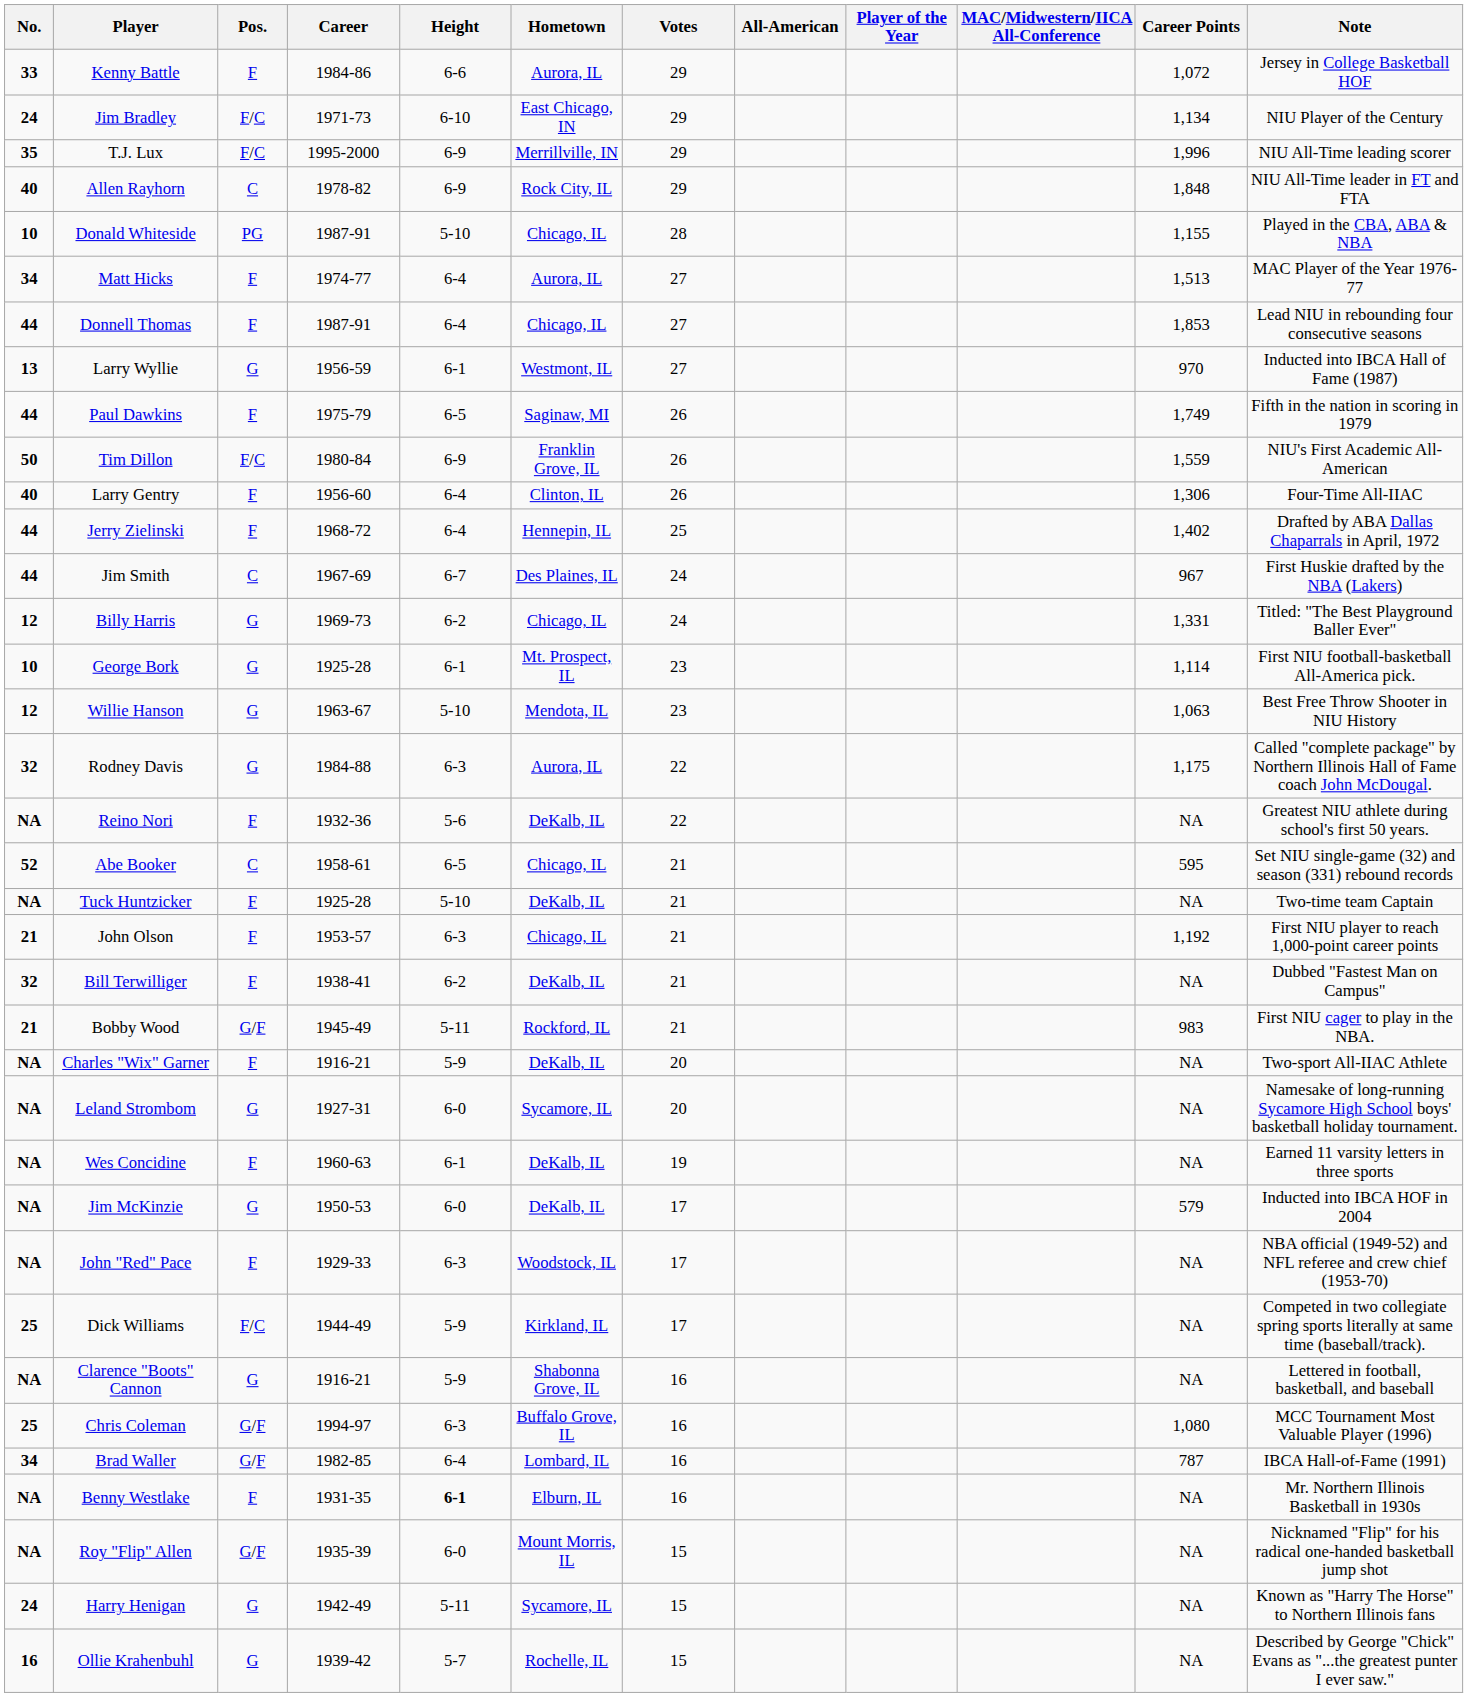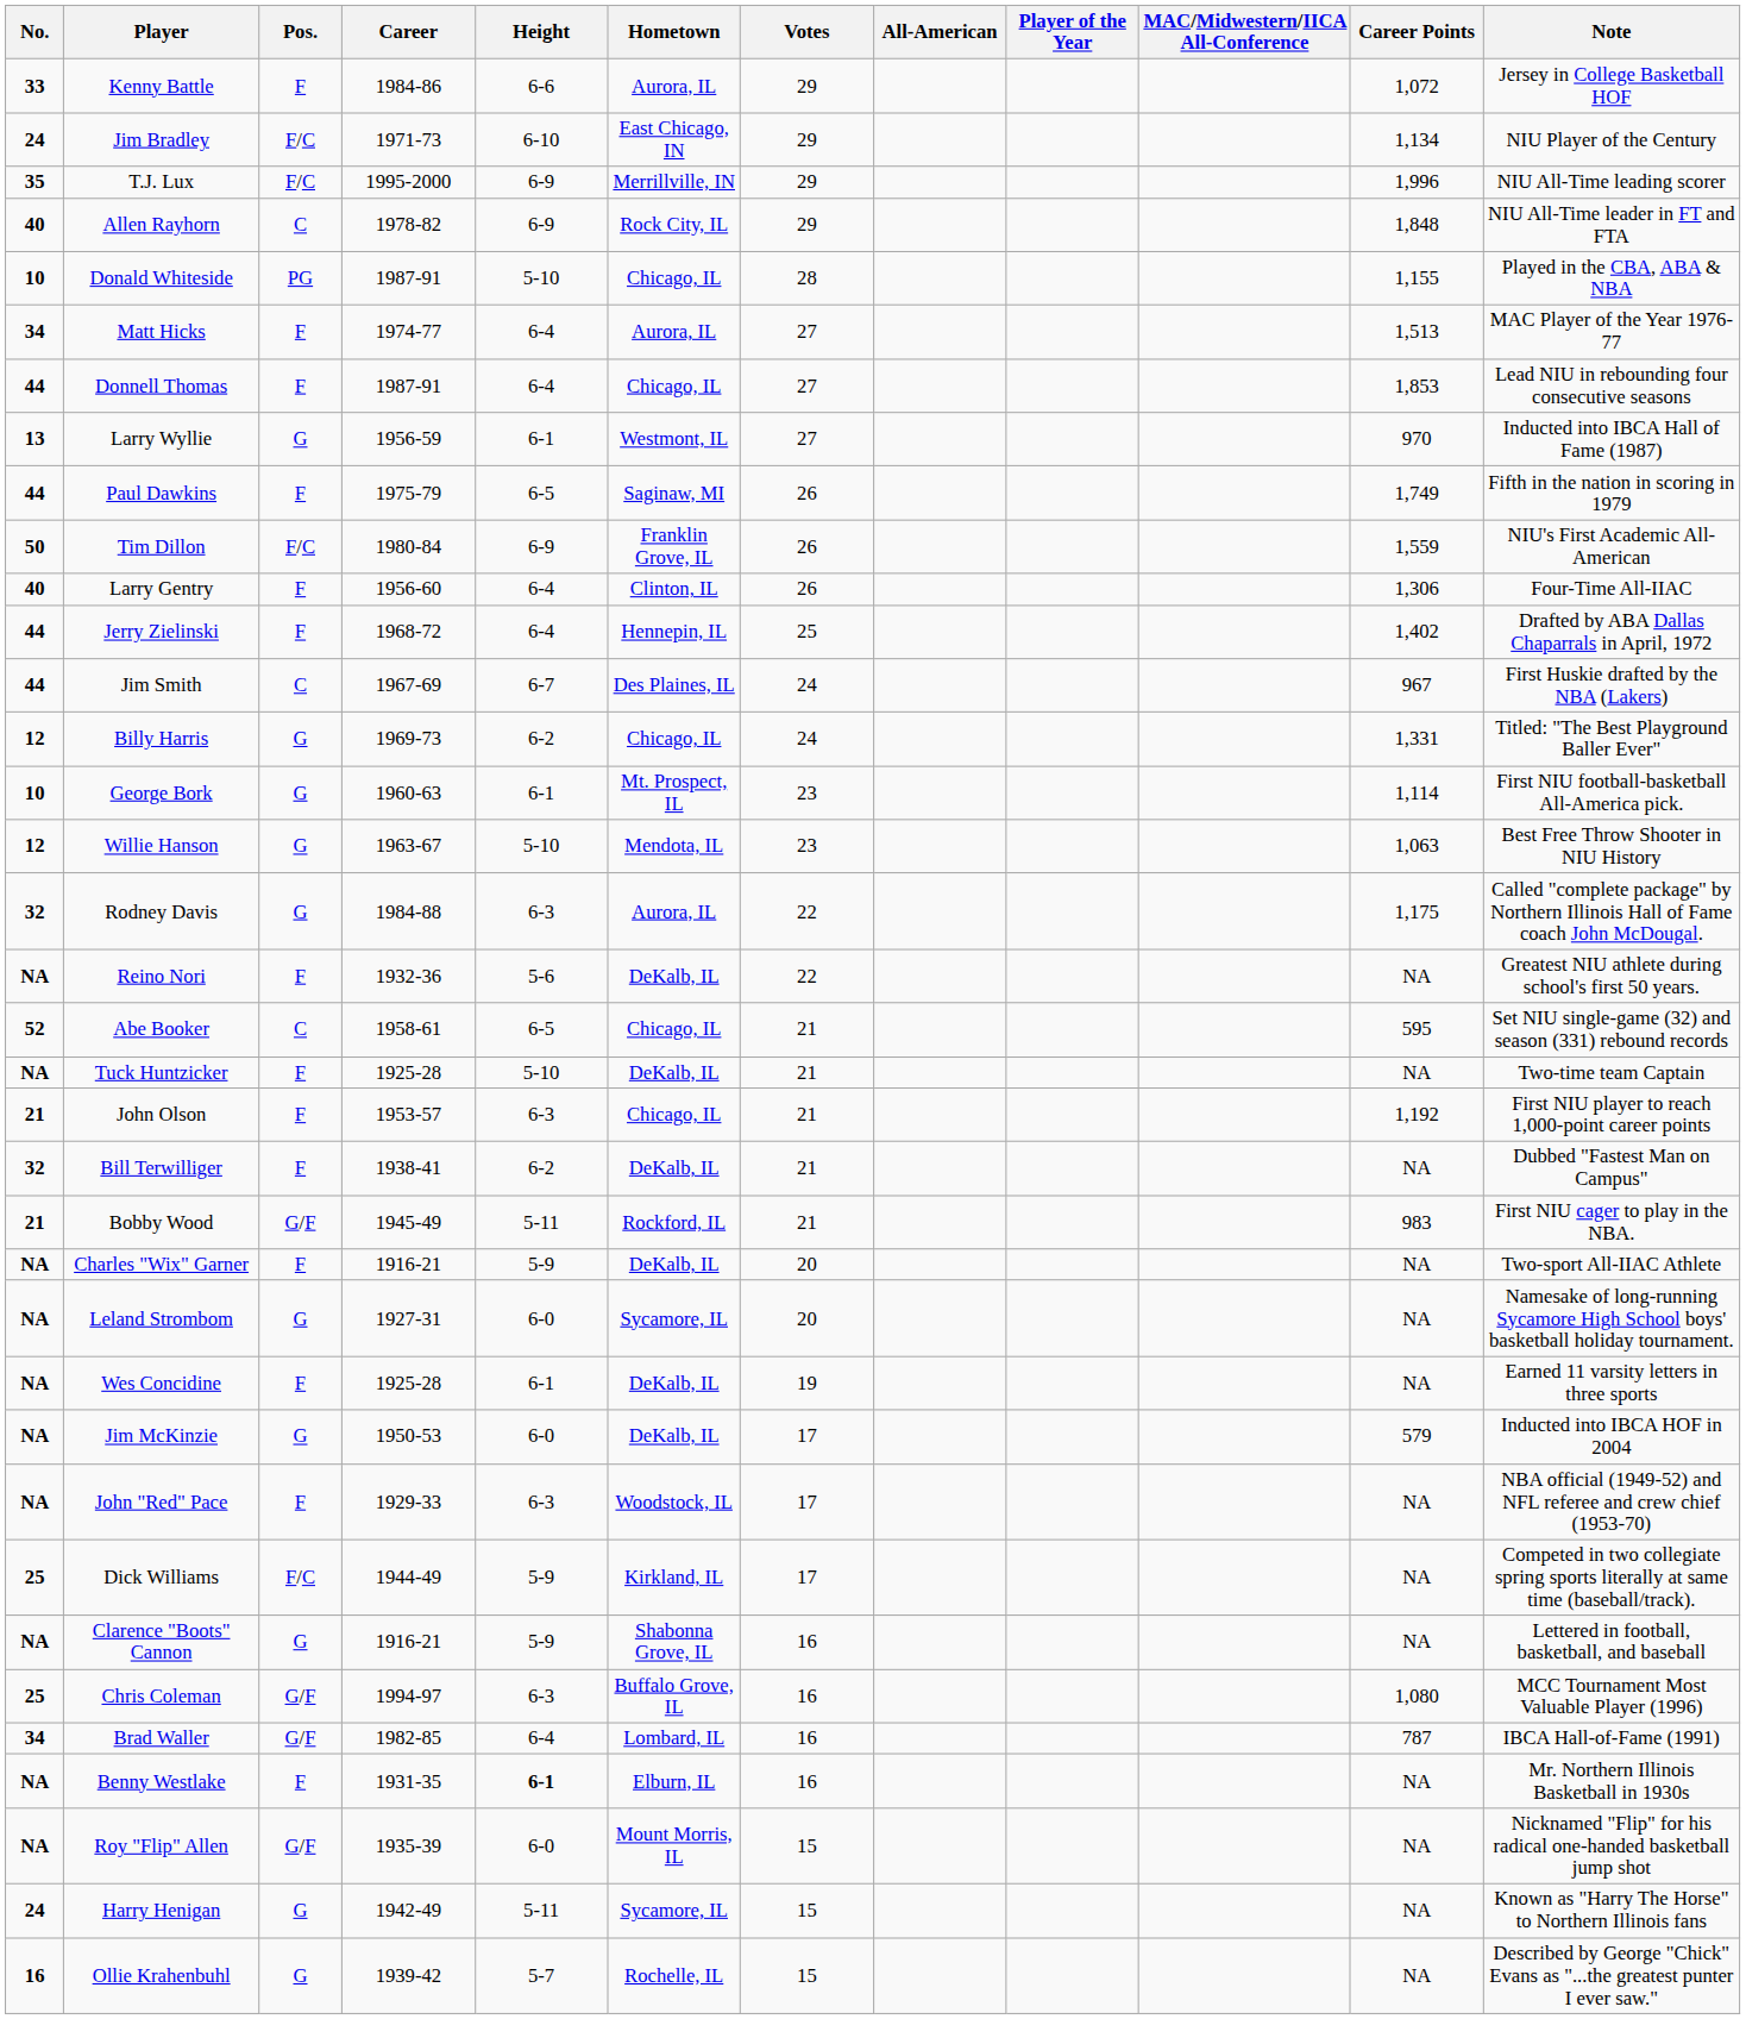 <table class="wikitable sortable" style="text-align:center">
 <tr>
 <th width=40px>No.</th>
 <th width=150px>Player</th>
 <th width=60px>Pos.</th>
 <th width=100px>Career</th>
 <th width=100px>Height</th>
 <th width=100px>Hometown</th>
 <th width=100px>Votes</th>
 <th width=100px>All-American</th>
 <th width=100px><a href='#'>Player of the Year</a></th>
 <th width=100px><a href='#'>MAC</a>/<a href='#'>Midwestern</a>/<a href='#'>IICA All-Conference</a></th>
 <th width=100px>Career Points</th>
 <th width=200px>Note</th>
 </tr>
 <tr>
 <td><strong>33</strong></td>
 <td><a href='#'>Kenny Battle</a></td>
 <td><a href='#'>F</a></td>
 <td>1984-86</td>
 <td>6-6</td>
 <td><a href='#'>Aurora, IL</a></td>
 <td>29</td>
 <td></td>
 <td> </td>
 <td></td>
 <td>1,072</td>
 <td>Jersey in <a href='#'>College Basketball HOF</a></td>
 </tr>
 <tr>
 <td><strong>24</strong></td>
 <td><a href='#'>Jim Bradley</a></td>
 <td><a href='#'>F</a>/<a href='#'>C</a></td>
 <td>1971-73</td>
 <td>6-10</td>
 <td><a href='#'>East Chicago, IN</a></td>
 <td>29</td>
 <td></td>
 <td> </td>
 <td></td>
 <td>1,134</td>
 <td>NIU Player of the Century</td>
 </tr>
 <tr>
 <td><strong>35</strong></td>
 <td>T.J. Lux</td>
 <td><a href='#'>F</a>/<a href='#'>C</a></td>
 <td>1995-2000</td>
 <td>6-9</td>
 <td><a href='#'>Merrillville, IN</a></td>
 <td>29</td>
 <td></td>
 <td> </td>
 <td></td>
 <td>1,996</td>
 <td>NIU All-Time leading scorer</td>
 </tr>
 <tr>
 <td><strong>40</strong></td>
 <td><a href='#'>Allen Rayhorn</a></td>
 <td><a href='#'>C</a></td>
 <td>1978-82</td>
 <td>6-9</td>
 <td><a href='#'>Rock City, IL</a></td>
 <td>29</td>
 <td></td>
 <td> </td>
 <td></td>
 <td>1,848</td>
 <td>NIU All-Time leader in <a href='#'>FT</a> and FTA</td>
 </tr>
 <tr>
 <td><strong>10</strong></td>
 <td><a href='#'>Donald Whiteside</a></td>
 <td><a href='#'>PG</a></td>
 <td>1987-91</td>
 <td>5-10</td>
 <td><a href='#'>Chicago, IL</a></td>
 <td>28</td>
 <td> </td>
 <td> </td>
 <td></td>
 <td>1,155</td>
 <td>Played in the <a href='#'>CBA</a>, <a href='#'>ABA</a> & <a href='#'>NBA</a></td>
 </tr>
 <tr>
 <td><strong>34</strong></td>
 <td><a href='#'>Matt Hicks</a></td>
 <td><a href='#'>F</a></td>
 <td>1974-77</td>
 <td>6-4</td>
 <td><a href='#'>Aurora, IL</a></td>
 <td>27</td>
 <td></td>
 <td></td>
 <td></td>
 <td>1,513</td>
 <td>MAC Player of the Year 1976-77</td>
 </tr>
 <tr>
 <td><strong>44</strong></td>
 <td><a href='#'>Donnell Thomas</a></td>
 <td><a href='#'>F</a></td>
 <td>1987-91</td>
 <td>6-4</td>
 <td><a href='#'>Chicago, IL</a></td>
 <td>27</td>
 <td> </td>
 <td> </td>
 <td></td>
 <td>1,853</td>
 <td>Lead NIU in rebounding four consecutive seasons</td>
 </tr>
 <tr>
 <td><strong>13</strong></td>
 <td>Larry Wyllie</td>
 <td><a href='#'>G</a></td>
 <td>1956-59</td>
 <td>6-1</td>
 <td><a href='#'>Westmont, IL</a></td>
 <td>27</td>
 <td> </td>
 <td> </td>
 <td></td>
 <td>970</td>
 <td>Inducted into IBCA Hall of Fame (1987)</td>
 </tr>
 <tr>
 <td><strong>44</strong></td>
 <td><a href='#'>Paul Dawkins</a></td>
 <td><a href='#'>F</a></td>
 <td>1975-79</td>
 <td>6-5</td>
 <td><a href='#'>Saginaw, MI</a></td>
 <td>26</td>
 <td></td>
 <td></td>
 <td></td>
 <td>1,749</td>
 <td>Fifth in the nation in scoring in 1979</td>
 </tr>
 <tr>
 <td><strong>50</strong></td>
 <td><a href='#'>Tim Dillon</a></td>
 <td><a href='#'>F</a>/<a href='#'>C</a></td>
 <td>1980-84</td>
 <td>6-9</td>
 <td><a href='#'>Franklin Grove, IL</a></td>
 <td>26</td>
 <td></td>
 <td> </td>
 <td></td>
 <td>1,559</td>
 <td>NIU's First Academic All-American</td>
 </tr>
 <tr>
 <td><strong>40</strong></td>
 <td>Larry Gentry</td>
 <td><a href='#'>F</a></td>
 <td>1956-60</td>
 <td>6-4</td>
 <td><a href='#'>Clinton, IL</a></td>
 <td>26</td>
 <td> </td>
 <td> </td>
 <td></td>
 <td>1,306</td>
 <td>Four-Time All-IIAC</td>
 </tr>
 <tr>
 <td><strong>44</strong></td>
 <td><a href='#'>Jerry Zielinski</a></td>
 <td><a href='#'>F</a></td>
 <td>1968-72</td>
 <td>6-4</td>
 <td><a href='#'>Hennepin, IL</a></td>
 <td>25</td>
 <td> </td>
 <td> </td>
 <td></td>
 <td>1,402</td>
 <td>Drafted by ABA <a href='#'>Dallas Chaparrals</a> in April, 1972</td>
 </tr>
 <tr>
 <td><strong>44</strong></td>
 <td>Jim Smith</td>
 <td><a href='#'>C</a></td>
 <td>1967-69</td>
 <td>6-7</td>
 <td><a href='#'>Des Plaines, IL</a></td>
 <td>24</td>
 <td> </td>
 <td> </td>
 <td> </td>
 <td>967</td>
 <td>First Huskie drafted by the <a href='#'>NBA</a> (<a href='#'>Lakers</a>)</td>
 </tr>
 <tr>
 <td><strong>12</strong></td>
 <td><a href='#'>Billy Harris</a></td>
 <td><a href='#'>G</a></td>
 <td>1969-73</td>
 <td>6-2</td>
 <td><a href='#'>Chicago, IL</a></td>
 <td>24</td>
 <td></td>
 <td> </td>
 <td> </td>
 <td>1,331</td>
 <td>Titled: "The Best Playground Baller Ever"</td>
 </tr>
 <tr>
 <td><strong>10</strong></td>
 <td><a href='#'>George Bork</a></td>
 <td><a href='#'>G</a></td>
-<td>1925-28</td>
+<td>1960-63</td>
 <td>6-1</td>
 <td><a href='#'>Mt. Prospect, IL</a></td>
 <td>23</td>
 <td></td>
 <td> </td>
 <td></td>
 <td>1,114</td>
 <td>First NIU football-basketball All-America pick.</td>
 </tr>
 <tr>
 <td><strong>12</strong></td>
 <td><a href='#'>Willie Hanson</a></td>
 <td><a href='#'>G</a></td>
 <td>1963-67</td>
 <td>5-10</td>
 <td><a href='#'>Mendota, IL</a></td>
 <td>23</td>
 <td> </td>
 <td> </td>
 <td></td>
 <td>1,063</td>
 <td>Best Free Throw Shooter in NIU History</td>
 </tr>
 <tr>
 <td><strong>32</strong></td>
 <td>Rodney Davis</td>
 <td><a href='#'>G</a></td>
 <td>1984-88</td>
 <td>6-3</td>
 <td><a href='#'>Aurora, IL</a></td>
 <td>22</td>
 <td> </td>
 <td> </td>
 <td></td>
 <td>1,175</td>
 <td>Called "complete package" by Northern Illinois Hall of Fame coach <a href='#'>John McDougal</a>.</td>
 </tr>
 <tr>
 <td><strong>NA</strong></td>
 <td><a href='#'>Reino Nori</a></td>
 <td><a href='#'>F</a></td>
 <td>1932-36</td>
 <td>5-6</td>
 <td><a href='#'>DeKalb, IL</a></td>
 <td>22</td>
 <td> </td>
 <td> </td>
 <td></td>
 <td>NA</td>
 <td>Greatest NIU athlete during school's first 50 years.</td>
 </tr>
 <tr>
 <td><strong>52</strong></td>
 <td><a href='#'>Abe Booker</a></td>
 <td><a href='#'>C</a></td>
 <td>1958-61</td>
 <td>6-5</td>
 <td><a href='#'>Chicago, IL</a></td>
 <td>21</td>
 <td> </td>
 <td> </td>
 <td> </td>
 <td>595</td>
 <td>Set NIU single-game (32) and season (331) rebound records</td>
 </tr>
 <tr>
 <td><strong>NA</strong></td>
 <td><a href='#'>Tuck Huntzicker</a></td>
 <td><a href='#'>F</a></td>
 <td>1925-28</td>
 <td>5-10</td>
 <td><a href='#'>DeKalb, IL</a></td>
 <td>21</td>
 <td> </td>
 <td> </td>
 <td> </td>
 <td>NA</td>
 <td>Two-time team Captain</td>
 </tr>
 <tr>
 <td><strong>21</strong></td>
 <td>John Olson</td>
 <td><a href='#'>F</a></td>
 <td>1953-57</td>
 <td>6-3</td>
 <td><a href='#'>Chicago, IL</a></td>
 <td>21</td>
 <td> </td>
 <td> </td>
 <td></td>
 <td>1,192</td>
 <td>First NIU player to reach 1,000-point career points</td>
 </tr>
 <tr>
 <td><strong>32</strong></td>
 <td><a href='#'>Bill Terwilliger</a></td>
 <td><a href='#'>F</a></td>
 <td>1938-41</td>
 <td>6-2</td>
 <td><a href='#'>DeKalb, IL</a></td>
 <td>21</td>
 <td> </td>
 <td> </td>
 <td> </td>
 <td>NA</td>
 <td>Dubbed "Fastest Man on Campus"</td>
 </tr>
 <tr>
 <td><strong>21</strong></td>
 <td>Bobby Wood</td>
 <td><a href='#'>G</a>/<a href='#'>F</a></td>
 <td>1945-49</td>
 <td>5-11</td>
 <td><a href='#'>Rockford, IL</a></td>
 <td>21</td>
 <td> </td>
 <td> </td>
 <td> </td>
 <td>983</td>
 <td>First NIU <a href='#'>cager</a> to play in the NBA.</td>
 </tr>
 <tr>
 <td><strong>NA</strong></td>
 <td><a href='#'>Charles "Wix" Garner</a></td>
 <td><a href='#'>F</a></td>
 <td>1916-21</td>
 <td>5-9</td>
 <td><a href='#'>DeKalb, IL</a></td>
 <td>20</td>
 <td> </td>
 <td> </td>
 <td></td>
 <td>NA</td>
 <td>Two-sport All-IIAC Athlete</td>
 </tr>
 <tr>
 <td><strong>NA</strong></td>
 <td><a href='#'>Leland Strombom</a></td>
 <td><a href='#'>G</a></td>
 <td>1927-31</td>
 <td>6-0</td>
 <td><a href='#'>Sycamore, IL</a></td>
 <td>20</td>
 <td> </td>
 <td> </td>
 <td></td>
 <td>NA</td>
 <td>Namesake of long-running <a href='#'>Sycamore High School</a> boys' basketball holiday tournament.</td>
 </tr>
 <tr>
 <td><strong>NA</strong></td>
 <td><a href='#'>Wes Concidine</a></td>
 <td><a href='#'>F</a></td>
-<td>1960-63</td>
+<td>1925-28</td>
 <td>6-1</td>
 <td><a href='#'>DeKalb, IL</a></td>
 <td>19</td>
 <td> </td>
 <td> </td>
 <td> </td>
 <td>NA</td>
 <td>Earned 11 varsity letters in three sports</td>
 </tr>
 <tr>
 <td><strong>NA</strong></td>
 <td><a href='#'>Jim McKinzie</a></td>
 <td><a href='#'>G</a></td>
 <td>1950-53</td>
 <td>6-0</td>
 <td><a href='#'>DeKalb, IL</a></td>
 <td>17</td>
 <td> </td>
 <td> </td>
 <td></td>
 <td>579</td>
 <td>Inducted into IBCA HOF in 2004</td>
 </tr>
 <tr>
 <td><strong>NA</strong></td>
 <td><a href='#'>John "Red" Pace</a></td>
 <td><a href='#'>F</a></td>
 <td>1929-33</td>
 <td>6-3</td>
 <td><a href='#'>Woodstock, IL</a></td>
 <td>17</td>
 <td> </td>
 <td> </td>
 <td></td>
 <td>NA</td>
 <td>NBA official (1949-52) and NFL referee and crew chief (1953-70)</td>
 </tr>
 <tr>
 <td><strong>25</strong></td>
 <td>Dick Williams</td>
 <td><a href='#'>F</a>/<a href='#'>C</a></td>
 <td>1944-49</td>
 <td>5-9</td>
 <td><a href='#'>Kirkland, IL</a></td>
 <td>17</td>
 <td> </td>
 <td></td>
 <td></td>
 <td>NA</td>
 <td>Competed in two collegiate spring sports literally at same time (baseball/track).</td>
 </tr>
 <tr>
 <td><strong>NA</strong></td>
 <td><a href='#'>Clarence "Boots" Cannon</a></td>
 <td><a href='#'>G</a></td>
 <td>1916-21</td>
 <td>5-9</td>
 <td><a href='#'>Shabonna Grove, IL</a></td>
 <td>16</td>
 <td> </td>
 <td> </td>
 <td> </td>
 <td>NA</td>
 <td>Lettered in football, basketball, and baseball</td>
 </tr>
 <tr>
 <td><strong>25</strong></td>
 <td><a href='#'>Chris Coleman</a></td>
 <td><a href='#'>G</a>/<a href='#'>F</a></td>
 <td>1994-97</td>
 <td>6-3</td>
 <td><a href='#'>Buffalo Grove, IL</a></td>
 <td>16</td>
 <td> </td>
 <td> </td>
 <td></td>
 <td>1,080</td>
 <td>MCC Tournament Most Valuable Player (1996)</td>
 </tr>
 <tr>
 <td><strong>34</strong></td>
 <td><a href='#'>Brad Waller</a></td>
 <td><a href='#'>G</a>/<a href='#'>F</a></td>
 <td>1982-85</td>
 <td>6-4</td>
 <td><a href='#'>Lombard, IL</a></td>
 <td>16</td>
 <td> </td>
 <td> </td>
 <td></td>
 <td>787</td>
 <td>IBCA Hall-of-Fame (1991)</td>
 </tr>
 <tr>
 <td><strong>NA</strong></td>
 <td><a href='#'>Benny Westlake</a></td>
 <td><a href='#'>F</a></td>
 <td>1931-35</td>
 <td><strong>6-1</strong></td>
 <td><a href='#'>Elburn, IL</a></td>
 <td>16</td>
 <td> </td>
 <td> </td>
 <td></td>
 <td>NA</td>
 <td>Mr. Northern Illinois Basketball in 1930s</td>
 </tr>
 <tr>
 <td><strong>NA</strong></td>
 <td><a href='#'>Roy "Flip" Allen</a></td>
 <td><a href='#'>G</a>/<a href='#'>F</a></td>
 <td>1935-39</td>
 <td>6-0</td>
 <td><a href='#'>Mount Morris, IL</a></td>
 <td>15</td>
 <td> </td>
 <td> </td>
 <td></td>
 <td>NA</td>
 <td>Nicknamed "Flip" for his radical one-handed basketball jump shot</td>
 </tr>
 <tr>
 <td><strong>24</strong></td>
 <td><a href='#'>Harry Henigan</a></td>
 <td><a href='#'>G</a></td>
 <td>1942-49</td>
 <td>5-11</td>
 <td><a href='#'>Sycamore, IL</a></td>
 <td>15</td>
 <td> </td>
 <td> </td>
 <td></td>
 <td>NA</td>
 <td>Known as "Harry The Horse" to Northern Illinois fans</td>
 </tr>
 <tr>
 <td><strong>16</strong></td>
 <td><a href='#'>Ollie Krahenbuhl</a></td>
 <td><a href='#'>G</a></td>
 <td>1939-42</td>
 <td>5-7</td>
 <td><a href='#'>Rochelle, IL</a></td>
 <td>15</td>
 <td> </td>
 <td> </td>
 <td></td>
 <td>NA</td>
 <td>Described by George "Chick" Evans as "...the greatest punter I ever saw."</td>
 </tr>
 </table>
